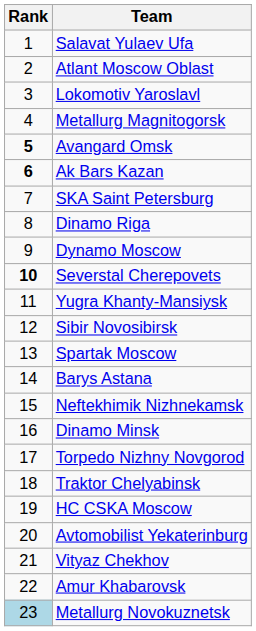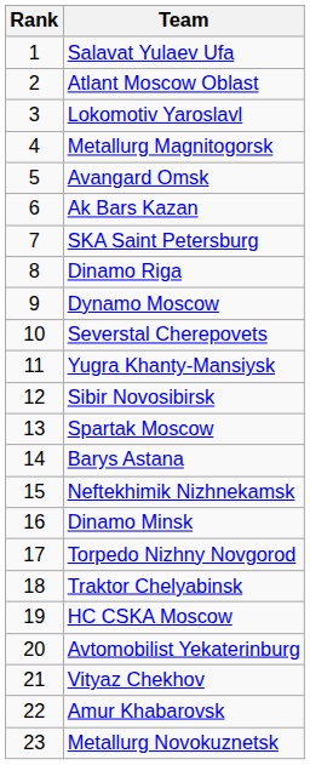 <table class="wikitable">
 <tr>
 <th align="center">Rank</th>
 <th>Team</th>
 </tr>
 <tr>
 <td rowspan="1" align="center">1</td>
 <td> <a href='#'>Salavat Yulaev Ufa</a></td>
 </tr>
 <tr>
 <td rowspan="1" align="center">2</td>
 <td> <a href='#'>Atlant Moscow Oblast</a></td>
 </tr>
 <tr>
 <td rowspan="1" align="center">3</td>
 <td> <a href='#'>Lokomotiv Yaroslavl</a></td>
 </tr>
 <tr>
 <td rowspan="1" align="center">4</td>
 <td> <a href='#'>Metallurg Magnitogorsk</a></td>
 </tr>
 <tr>
-<td rowspan="1" align="center"><strong>5</strong></td>
+<td rowspan="1" align="center">5</td>
 <td> <a href='#'>Avangard Omsk</a></td>
 </tr>
 <tr>
-<td rowspan="1" align="center"><strong>6</strong></td>
+<td rowspan="1" align="center">6</td>
 <td> <a href='#'>Ak Bars Kazan</a></td>
 </tr>
 <tr>
 <td rowspan="1" align="center">7</td>
 <td> <a href='#'>SKA Saint Petersburg</a></td>
 </tr>
 <tr>
 <td rowspan="1" align="center">8</td>
 <td> <a href='#'>Dinamo Riga</a></td>
 </tr>
 <tr>
 <td rowspan="1" align="center">9</td>
 <td> <a href='#'>Dynamo Moscow</a></td>
 </tr>
 <tr>
-<td rowspan="1" align="center"><strong>10</strong></td>
+<td rowspan="1" align="center">10</td>
 <td> <a href='#'>Severstal Cherepovets</a></td>
 </tr>
 <tr>
 <td rowspan="1" align="center">11</td>
 <td> <a href='#'>Yugra Khanty-Mansiysk</a></td>
 </tr>
 <tr>
 <td rowspan="1" align="center">12</td>
 <td> <a href='#'>Sibir Novosibirsk</a></td>
 </tr>
 <tr>
 <td rowspan="1" align="center">13</td>
 <td> <a href='#'>Spartak Moscow</a></td>
 </tr>
 <tr>
 <td rowspan="1" align="center">14</td>
 <td> <a href='#'>Barys Astana</a></td>
 </tr>
 <tr>
 <td rowspan="1" align="center">15</td>
 <td> <a href='#'>Neftekhimik Nizhnekamsk</a></td>
 </tr>
 <tr>
 <td rowspan="1" align="center">16</td>
 <td> <a href='#'>Dinamo Minsk</a></td>
 </tr>
 <tr>
 <td rowspan="1" align="center">17</td>
 <td> <a href='#'>Torpedo Nizhny Novgorod</a></td>
 </tr>
 <tr>
 <td rowspan="1" align="center">18</td>
 <td> <a href='#'>Traktor Chelyabinsk</a></td>
 </tr>
 <tr>
 <td rowspan="1" align="center">19</td>
 <td> <a href='#'>HC CSKA Moscow</a></td>
 </tr>
 <tr>
 <td rowspan="1" align="center">20</td>
 <td> <a href='#'>Avtomobilist Yekaterinburg</a></td>
 </tr>
 <tr>
 <td rowspan="1" align="center">21</td>
 <td> <a href='#'>Vityaz Chekhov</a></td>
 </tr>
 <tr>
 <td rowspan="1" align="center">22</td>
 <td> <a href='#'>Amur Khabarovsk</a></td>
 </tr>
 <tr>
-<td rowspan="1" align="center" style="background: lightblue;">23</td>
+<td rowspan="1" align="center">23</td>
 <td> <a href='#'>Metallurg Novokuznetsk</a></td>
 </tr>
 </table>
